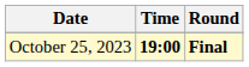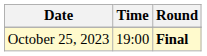 <table class="wikitable">
 <tr>
 <th>Date</th>
 <th>Time</th>
 <th>Round</th>
 </tr>
 <tr>
 </tr>
 <tr style=background:lemonchiffon>
 <td>October 25, 2023</td>
-<td><strong>19:00</strong></td>
+<td>19:00</td>
 <td><strong>Final</strong></td>
 </tr>
 </table>
